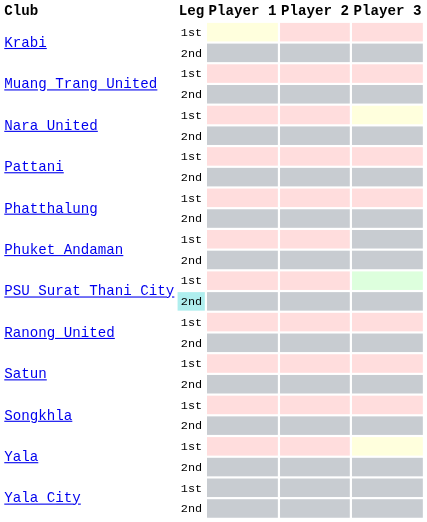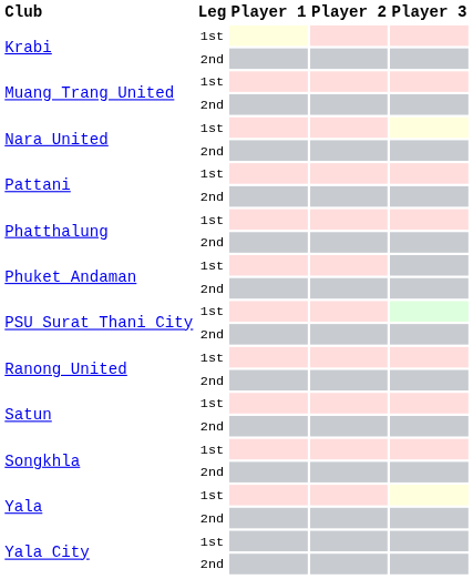 <table class="sortable" style="text-align:left">
 <tr>
 <th>Club</th>
 <th>Leg</th>
 <th>Player 1</th>
 <th>Player 2</th>
 <th>Player 3</th>
 </tr>
 <tr>
 <td rowspan="2"><a href='#'>Krabi</a></td>
 <td align="center"><small>1st</small></td>
 <td bgcolor="#ffffdd"></td>
 <td bgcolor="#ffdddd"></td>
 <td bgcolor="#ffdddd"></td>
 </tr>
 <tr>
 <td align="center"><small>2nd</small></td>
 <td bgcolor="#c8ccd1"></td>
 <td bgcolor="#c8ccd1"></td>
 <td bgcolor="#c8ccd1"></td>
 </tr>
 <tr>
 <td rowspan="2"><a href='#'>Muang Trang United</a></td>
 <td align="center"><small>1st</small></td>
 <td bgcolor="#ffdddd"></td>
 <td bgcolor="#ffdddd"></td>
 <td bgcolor="#ffdddd"></td>
 </tr>
 <tr>
 <td align="center"><small>2nd</small></td>
 <td bgcolor="#c8ccd1"></td>
 <td bgcolor="#c8ccd1"></td>
 <td bgcolor="#c8ccd1"></td>
 </tr>
 <tr>
 <td rowspan="2"><a href='#'>Nara United</a></td>
 <td align="center"><small>1st</small></td>
 <td bgcolor="#ffdddd"></td>
 <td bgcolor="#ffdddd"></td>
 <td bgcolor="#ffffdd"></td>
 </tr>
 <tr>
 <td align="center"><small>2nd</small></td>
 <td bgcolor="#c8ccd1"></td>
 <td bgcolor="#c8ccd1"></td>
 <td bgcolor="#c8ccd1"></td>
 </tr>
 <tr>
 <td rowspan="2"><a href='#'>Pattani</a></td>
 <td align="center"><small>1st</small></td>
 <td bgcolor="#ffdddd"></td>
 <td bgcolor="#ffdddd"></td>
 <td bgcolor="#ffdddd"></td>
 </tr>
 <tr>
 <td align="center"><small>2nd</small></td>
 <td bgcolor="#c8ccd1"></td>
 <td bgcolor="#c8ccd1"></td>
 <td bgcolor="#c8ccd1"></td>
 </tr>
 <tr>
 <td rowspan="2"><a href='#'>Phatthalung</a></td>
 <td align="center"><small>1st</small></td>
 <td bgcolor="#ffdddd"></td>
 <td bgcolor="#ffdddd"></td>
 <td bgcolor="#ffdddd"></td>
 </tr>
 <tr>
 <td align="center"><small>2nd</small></td>
 <td bgcolor="#c8ccd1"></td>
 <td bgcolor="#c8ccd1"></td>
 <td bgcolor="#c8ccd1"></td>
 </tr>
 <tr>
 <td rowspan="2"><a href='#'>Phuket Andaman</a></td>
 <td align="center"><small>1st</small></td>
 <td bgcolor="#ffdddd"></td>
 <td bgcolor="#ffdddd"></td>
 <td bgcolor="#c8ccd1"></td>
 </tr>
 <tr>
 <td align="center"><small>2nd</small></td>
 <td bgcolor="#c8ccd1"></td>
 <td bgcolor="#c8ccd1"></td>
 <td bgcolor="#c8ccd1"></td>
 </tr>
 <tr>
 <td rowspan="2"><a href='#'>PSU Surat Thani City</a></td>
 <td align="center"><small>1st</small></td>
 <td bgcolor="#ffdddd"></td>
 <td bgcolor="#ffdddd"></td>
 <td bgcolor="#ddffdd"></td>
 </tr>
 <tr>
-<td align="center" style="background: paleturquoise;"><small>2nd</small></td>
+<td align="center"><small>2nd</small></td>
 <td bgcolor="#c8ccd1"></td>
 <td bgcolor="#c8ccd1"></td>
 <td bgcolor="#c8ccd1"></td>
 </tr>
 <tr>
 <td rowspan="2"><a href='#'>Ranong United</a></td>
 <td align="center"><small>1st</small></td>
 <td bgcolor="#ffdddd"></td>
 <td bgcolor="#ffdddd"></td>
 <td bgcolor="#ffdddd"></td>
 </tr>
 <tr>
 <td align="center"><small>2nd</small></td>
 <td bgcolor="#c8ccd1"></td>
 <td bgcolor="#c8ccd1"></td>
 <td bgcolor="#c8ccd1"></td>
 </tr>
 <tr>
 <td rowspan="2"><a href='#'>Satun</a></td>
 <td align="center"><small>1st</small></td>
 <td bgcolor="#ffdddd"></td>
 <td bgcolor="#ffdddd"></td>
 <td bgcolor="#ffdddd"></td>
 </tr>
 <tr>
 <td align="center"><small>2nd</small></td>
 <td bgcolor="#c8ccd1"></td>
 <td bgcolor="#c8ccd1"></td>
 <td bgcolor="#c8ccd1"></td>
 </tr>
 <tr>
 <td rowspan="2"><a href='#'>Songkhla</a></td>
 <td align="center"><small>1st</small></td>
 <td bgcolor="#ffdddd"></td>
 <td bgcolor="#ffdddd"></td>
 <td bgcolor="#ffdddd"></td>
 </tr>
 <tr>
 <td align="center"><small>2nd</small></td>
 <td bgcolor="#c8ccd1"></td>
 <td bgcolor="#c8ccd1"></td>
 <td bgcolor="#c8ccd1"></td>
 </tr>
 <tr>
 <td rowspan="2"><a href='#'>Yala</a></td>
 <td align="center"><small>1st</small></td>
 <td bgcolor="#ffdddd"></td>
 <td bgcolor="#ffdddd"></td>
 <td bgcolor="#ffffdd"></td>
 </tr>
 <tr>
 <td align="center"><small>2nd</small></td>
 <td bgcolor="#c8ccd1"></td>
 <td bgcolor="#c8ccd1"></td>
 <td bgcolor="#c8ccd1"></td>
 </tr>
 <tr>
 <td rowspan="2"><a href='#'>Yala City</a></td>
 <td align="center"><small>1st</small></td>
 <td bgcolor="#c8ccd1"></td>
 <td bgcolor="#c8ccd1"></td>
 <td bgcolor="#c8ccd1"></td>
 </tr>
 <tr>
 <td align="center"><small>2nd</small></td>
 <td bgcolor="#c8ccd1"></td>
 <td bgcolor="#c8ccd1"></td>
 <td bgcolor="#c8ccd1"></td>
 </tr>
 </table>
